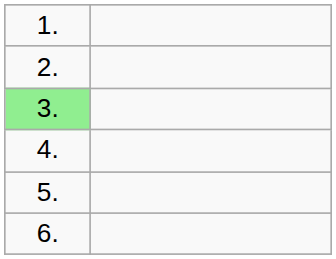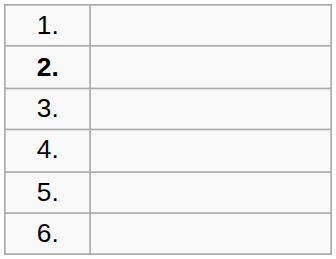 <table class="wikitable" style="text-align:center; width:200px;">
 <tr>
 <td style="width:45px;">1.</td>
 <td style="padding-left:4px; text-align:left;"></td>
 </tr>
 <tr>
-<td>2.</td>
+<td><strong>2.</strong></td>
 <td style="padding-left:4px; text-align:left;"></td>
 </tr>
 <tr>
-<td style="background: lightgreen;">3.</td>
+<td>3.</td>
 <td style="padding-left:4px; text-align:left;"></td>
 </tr>
 <tr>
 <td>4.</td>
 <td style="padding-left:4px; text-align:left;"></td>
 </tr>
 <tr>
 <td>5.</td>
 <td style="padding-left:4px; text-align:left;"></td>
 </tr>
 <tr>
 <td>6.</td>
 <td style="padding-left:4px; text-align:left;"></td>
 </tr>
 </table>
